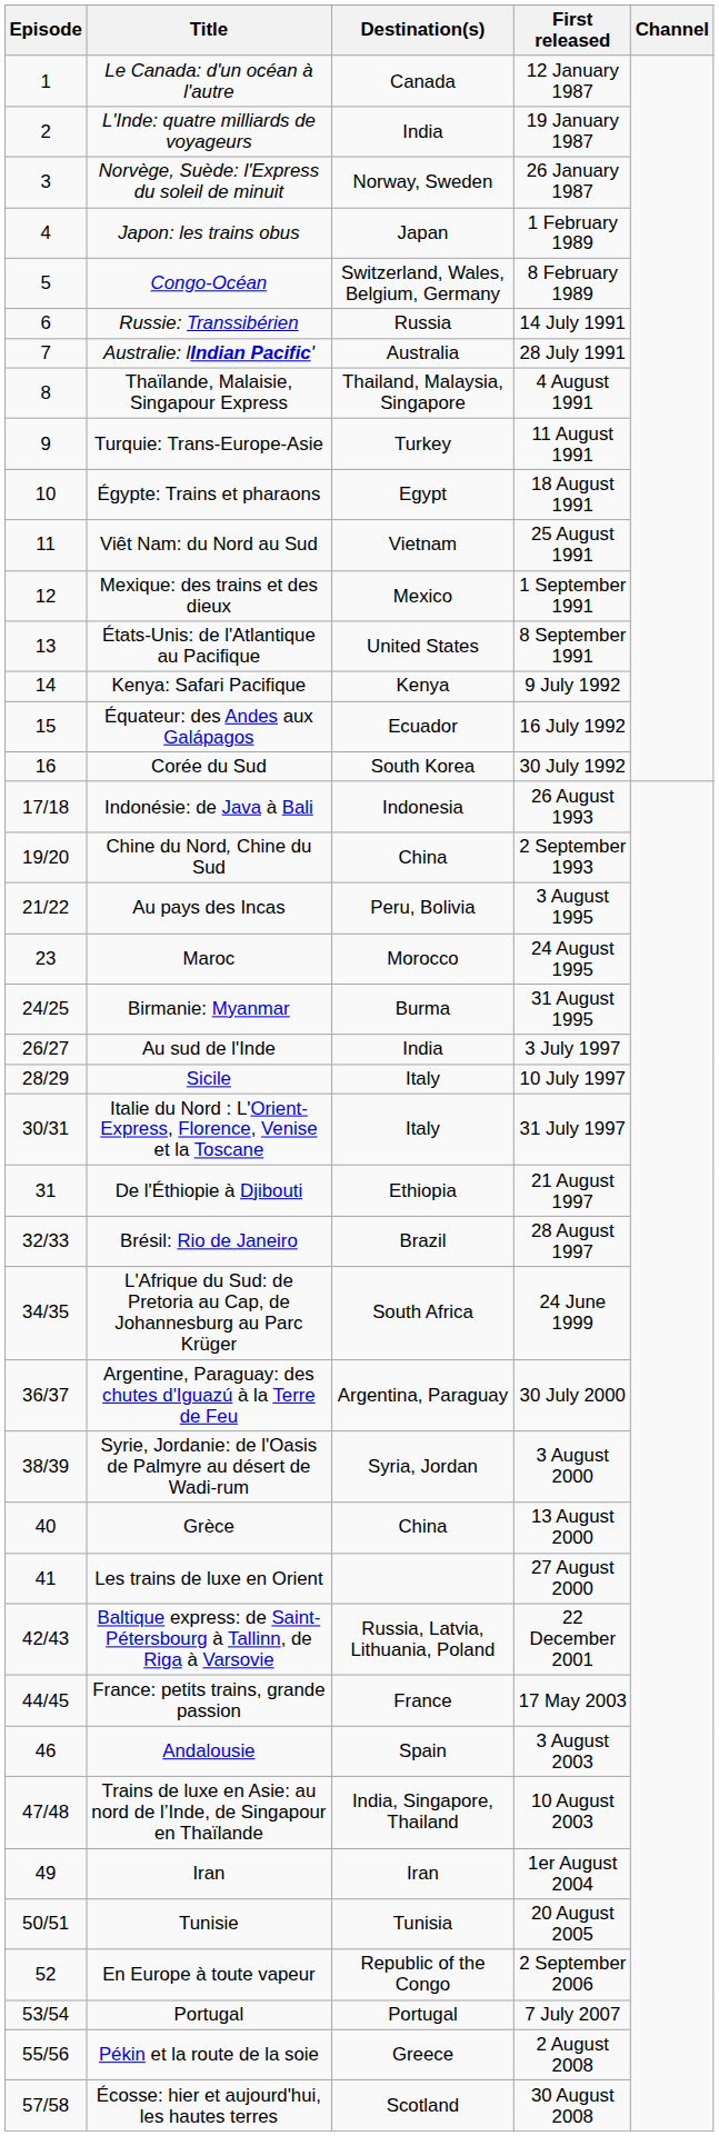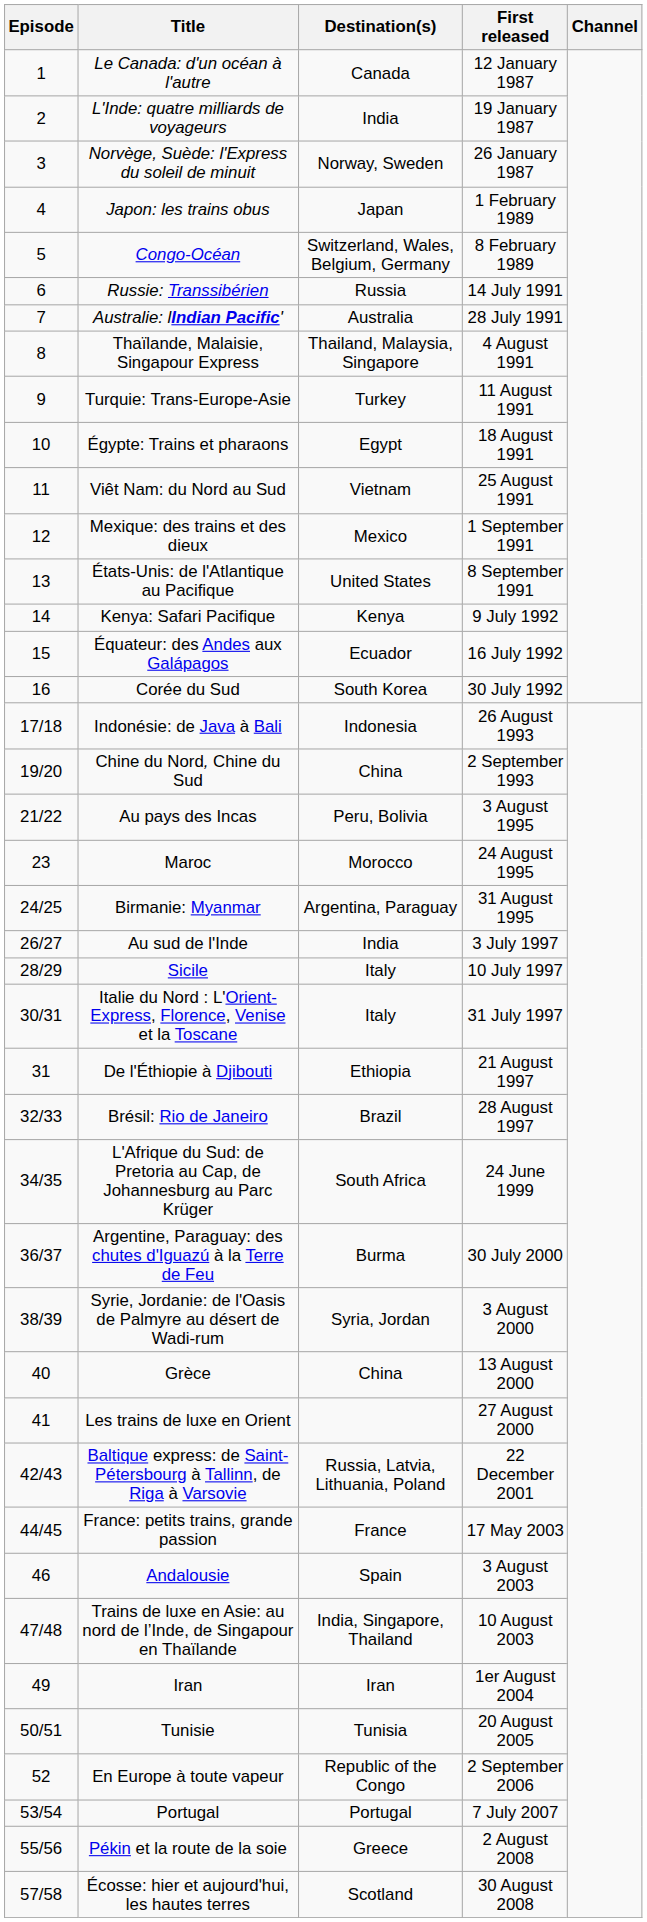 <table class="wikitable alternance sortable" style="text-align: center">
 <tr>
 <th scope="col">Episode</th>
 <th scope="col">Title</th>
 <th scope="col">Destination(s)</th>
 <th scope="col">First released</th>
 <th scope="col">Channel</th>
 </tr>
 <tr>
 <td style="text-align:center;">1</td>
 <td><em>Le Canada: d'un océan à l'autre</em></td>
 <td>Canada</td>
 <td>12 January  1987</td>
 <td rowspan="16"></td>
 </tr>
 <tr>
 <td style="text-align:center;">2</td>
 <td><em>L'Inde: quatre milliards de voyageurs</em></td>
 <td>India</td>
 <td>19 January 1987</td>
 </tr>
 <tr>
 <td style="text-align:center;">3</td>
 <td><em>Norvège, Suède: l'Express du soleil de minuit</em></td>
 <td>Norway, Sweden</td>
 <td>26 January 1987</td>
 </tr>
 <tr>
 <td style="text-align:center;">4</td>
 <td><em>Japon: les trains obus</em></td>
 <td>Japan</td>
 <td>1 February 1989</td>
 </tr>
 <tr>
 <td style="text-align:center;">5</td>
 <td><em><a href='#'>Congo-Océan</a></em></td>
 <td>Switzerland, Wales, Belgium, Germany</td>
 <td>8 February 1989</td>
 </tr>
 <tr>
 <td style="text-align:center;">6</td>
 <td><em>Russie: <a href='#'>Transsibérien</a></em></td>
 <td>Russia</td>
 <td>14 July 1991</td>
 </tr>
 <tr>
 <td style="text-align:center;">7</td>
 <td><em>Australie: l<strong><a href='#'>Indian Pacific</a></strong>'</td>
 <td>Australia</td>
 <td>28 July 1991</td>
 </tr>
 <tr>
 <td style="text-align:center;">8</td>
 <td></em>Thaïlande, Malaisie, Singapour Express<em></td>
 <td>Thailand, Malaysia, Singapore</td>
 <td>4 August 1991</td>
 </tr>
 <tr>
 <td style="text-align:center;">9</td>
 <td></em>Turquie: Trans-Europe-Asie<em></td>
 <td>Turkey</td>
 <td>11 August 1991</td>
 </tr>
 <tr>
 <td style="text-align:center;">10</td>
 <td>Égypte: </em>Trains et pharaons<em></td>
 <td>Egypt</td>
 <td>18 August 1991</td>
 </tr>
 <tr>
 <td style="text-align:center;">11</td>
 <td></em>Viêt Nam: du Nord au Sud<em></td>
 <td>Vietnam</td>
 <td>25 August 1991</td>
 </tr>
 <tr>
 <td style="text-align:center;">12</td>
 <td></em>Mexique: des trains et des dieux<em></td>
 <td>Mexico</td>
 <td>1 September 1991</td>
 </tr>
 <tr>
 <td style="text-align:center;">13</td>
 <td></em>États-Unis: de l'Atlantique au Pacifique<em></td>
 <td>United States</td>
 <td>8 September 1991</td>
 </tr>
 <tr>
 <td style="text-align:center;">14</td>
 <td></em>Kenya: Safari Pacifique<em></td>
 <td>Kenya</td>
 <td>9 July 1992</td>
 </tr>
 <tr>
 <td style="text-align:center;">15</td>
 <td></em>Équateur: des <a href='#'>Andes</a> aux <a href='#'>Galápagos</a><em></td>
 <td>Ecuador</td>
 <td>16 July 1992</td>
 </tr>
 <tr>
 <td style="text-align:center;">16</td>
 <td>Corée du Sud</td>
 <td>South Korea</td>
 <td>30 July 1992</td>
 </tr>
 <tr>
 <td style="text-align:center;">17/18</td>
 <td></em>Indonésie: de <a href='#'>Java</a> à <a href='#'>Bali</a><em></td>
 <td>Indonesia</td>
 <td>26 August 1993</td>
 <td rowspan="25"></td>
 </tr>
 <tr>
 <td style="text-align:center;">19/20</td>
 <td></em>Chine du Nord<em>, </em>Chine du Sud<em></td>
 <td>China</td>
 <td>2 September 1993</td>
 </tr>
 <tr>
 <td style="text-align:center;">21/22</td>
 <td></em>Au pays des Incas<em></td>
 <td>Peru, Bolivia</td>
 <td>3 August 1995</td>
 </tr>
 <tr>
 <td style="text-align:center;">23</td>
 <td></em>Maroc<em></td>
 <td>Morocco</td>
 <td>24 August 1995</td>
 </tr>
 <tr>
 <td style="text-align:center;">24/25</td>
 <td></em>Birmanie: <a href='#'>Myanmar</a><em></td>
-<td>Burma</td>
+<td>Argentina, Paraguay</td>
 <td>31 August 1995</td>
 </tr>
 <tr>
 <td style="text-align:center;">26/27</td>
 <td></em>Au sud de l'Inde<em></td>
 <td>India</td>
 <td>3 July 1997</td>
 </tr>
 <tr>
 <td style="text-align:center;">28/29</td>
 <td><a href='#'>Sicile</a></td>
 <td>Italy</td>
 <td>10 July 1997</td>
 </tr>
 <tr>
 <td style="text-align:center;">30/31</td>
 <td></em>Italie du Nord : L'<a href='#'>Orient-Express</a>, <a href='#'>Florence</a>, <a href='#'>Venise</a> et la <a href='#'>Toscane</a><em></td>
 <td>Italy</td>
 <td>31 July 1997</td>
 </tr>
 <tr>
 <td style="text-align:center;">31</td>
 <td></em>De l'Éthiopie à <a href='#'>Djibouti</a><em></td>
 <td>Ethiopia</td>
 <td>21 August 1997</td>
 </tr>
 <tr>
 <td style="text-align:center;">32/33</td>
 <td>Brésil: <a href='#'>Rio de Janeiro</a></td>
 <td>Brazil</td>
 <td>28 August 1997</td>
 </tr>
 <tr>
 <td style="text-align:center;">34/35</td>
 <td></em>L'Afrique du Sud: de Pretoria au Cap, de Johannesburg au Parc Krüger<em></td>
 <td>South Africa</td>
 <td>24 June 1999</td>
 </tr>
 <tr>
 <td style="text-align:center;">36/37</td>
 <td></em>Argentine, Paraguay: des <a href='#'>chutes d'Iguazú</a> à la <a href='#'>Terre de Feu</a><em></td>
-<td>Argentina, Paraguay</td>
+<td>Burma</td>
 <td>30 July 2000</td>
 </tr>
 <tr>
 <td style="text-align:center;">38/39</td>
 <td></em>Syrie, Jordanie: de l'Oasis de Palmyre au désert de Wadi-rum<em></td>
 <td>Syria, Jordan</td>
 <td>3 August 2000</td>
 </tr>
 <tr>
 <td style="text-align:center;">40</td>
 <td></em>Grèce<em></td>
 <td>China</td>
 <td>13 August 2000</td>
 </tr>
 <tr>
 <td>41</td>
 <td>Les trains de luxe en Orient</td>
 <td></td>
 <td>27 August 2000</td>
 </tr>
 <tr>
 <td style="text-align:center;">42/43</td>
 <td></em><a href='#'>Baltique</a> express: de <a href='#'>Saint-Pétersbourg</a> à <a href='#'>Tallinn</a>, de <a href='#'>Riga</a> à <a href='#'>Varsovie</a><em></td>
 <td>Russia, Latvia, Lithuania, Poland</td>
 <td>22 December 2001</td>
 </tr>
 <tr>
 <td style="text-align:center;">44/45</td>
 <td></em>France: petits trains, grande passion<em></td>
 <td>France</td>
 <td>17 May 2003</td>
 </tr>
 <tr>
 <td style="text-align:center;">46</td>
 <td></em><a href='#'>Andalousie</a><em></td>
 <td>Spain</td>
 <td>3 August 2003</td>
 </tr>
 <tr>
 <td style="text-align:center;">47/48</td>
 <td></em>Trains de luxe en Asie: au nord de l’Inde, de Singapour en Thaïlande<em></td>
 <td>India, Singapore, Thailand</td>
 <td>10 August 2003</td>
 </tr>
 <tr>
 <td style="text-align:center;">49</td>
 <td></em>Iran<em></td>
 <td>Iran</td>
 <td>1er August 2004</td>
 </tr>
 <tr>
 <td style="text-align:center;">50/51</td>
 <td></em>Tunisie<em></td>
 <td>Tunisia</td>
 <td>20 August 2005</td>
 </tr>
 <tr>
 <td style="text-align:center;">52</td>
 <td></em>En Europe à toute vapeur<em></td>
 <td>Republic of the Congo</td>
 <td>2 September 2006</td>
 </tr>
 <tr>
 <td style="text-align:center;">53/54</td>
 <td></em>Portugal<em></td>
 <td>Portugal</td>
 <td>7 July 2007</td>
 </tr>
 <tr>
 <td style="text-align:center;">55/56</td>
 <td></em><a href='#'>Pékin</a> et la route de la soie<em></td>
 <td>Greece</td>
 <td>2 August 2008</td>
 </tr>
 <tr>
 <td style="text-align:center;">57/58</td>
 <td></em>Écosse: hier et aujourd'hui, les hautes terres<em></td>
 <td>Scotland</td>
 <td>30 August 2008</td>
 </tr>
 </table>
